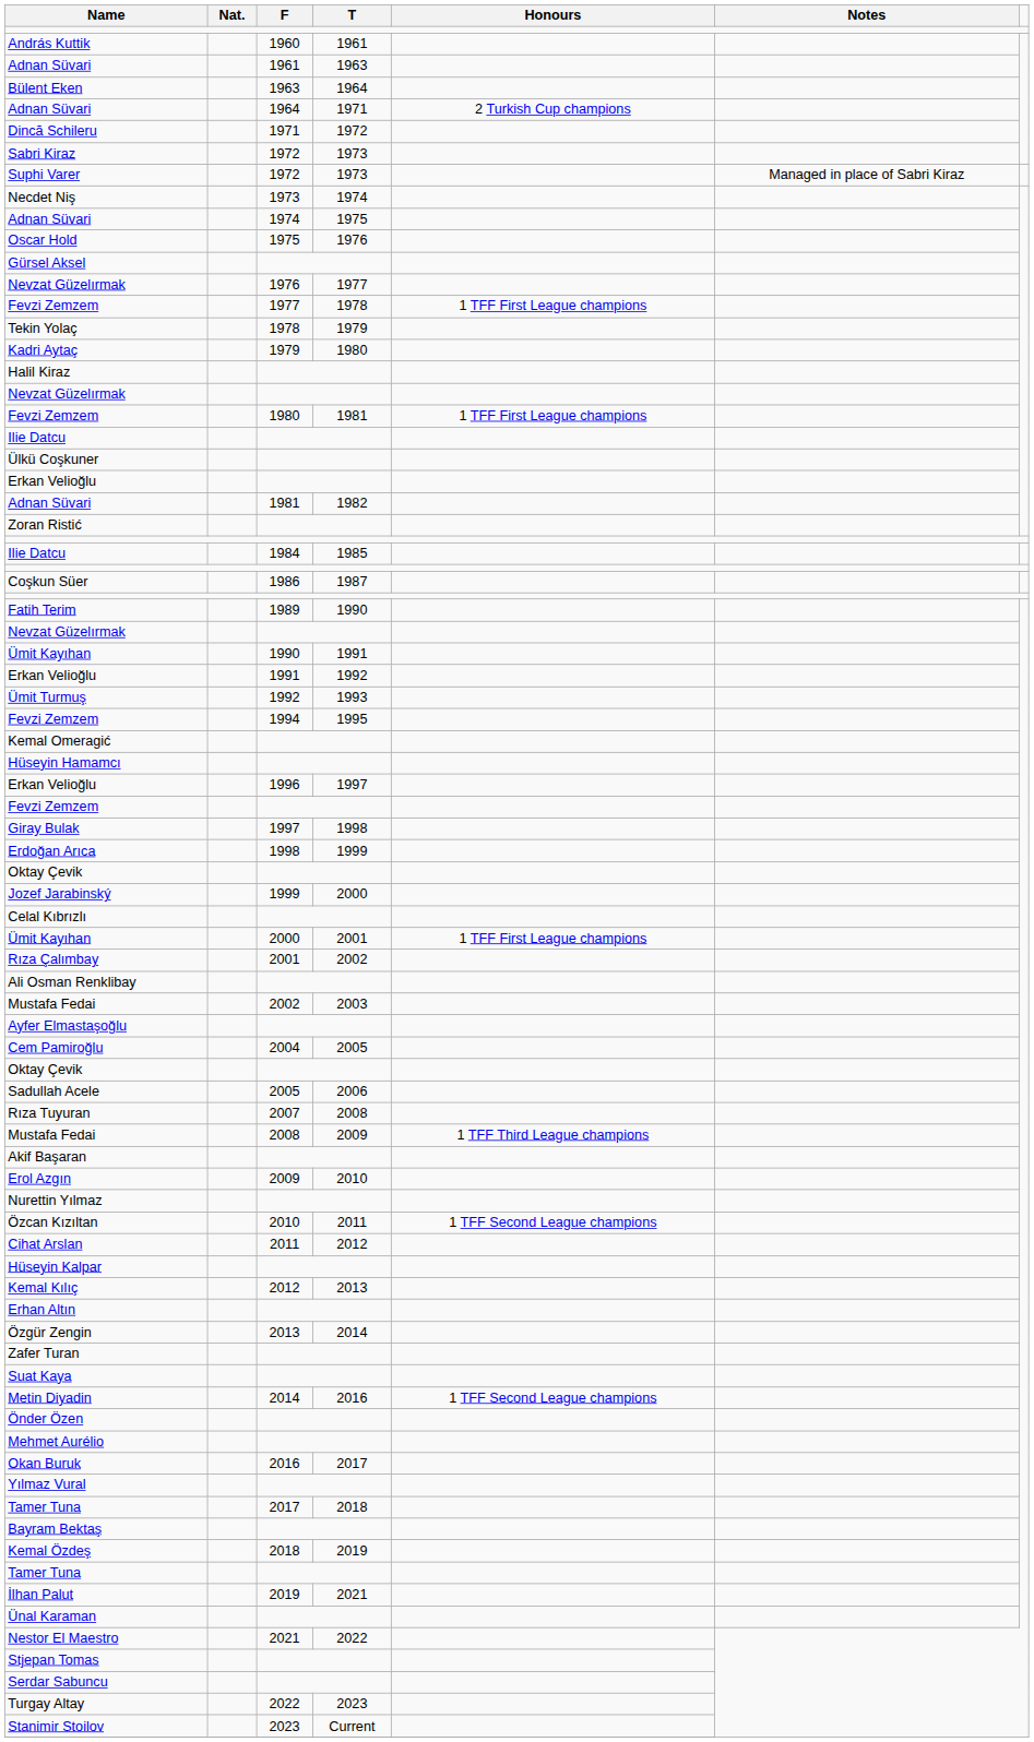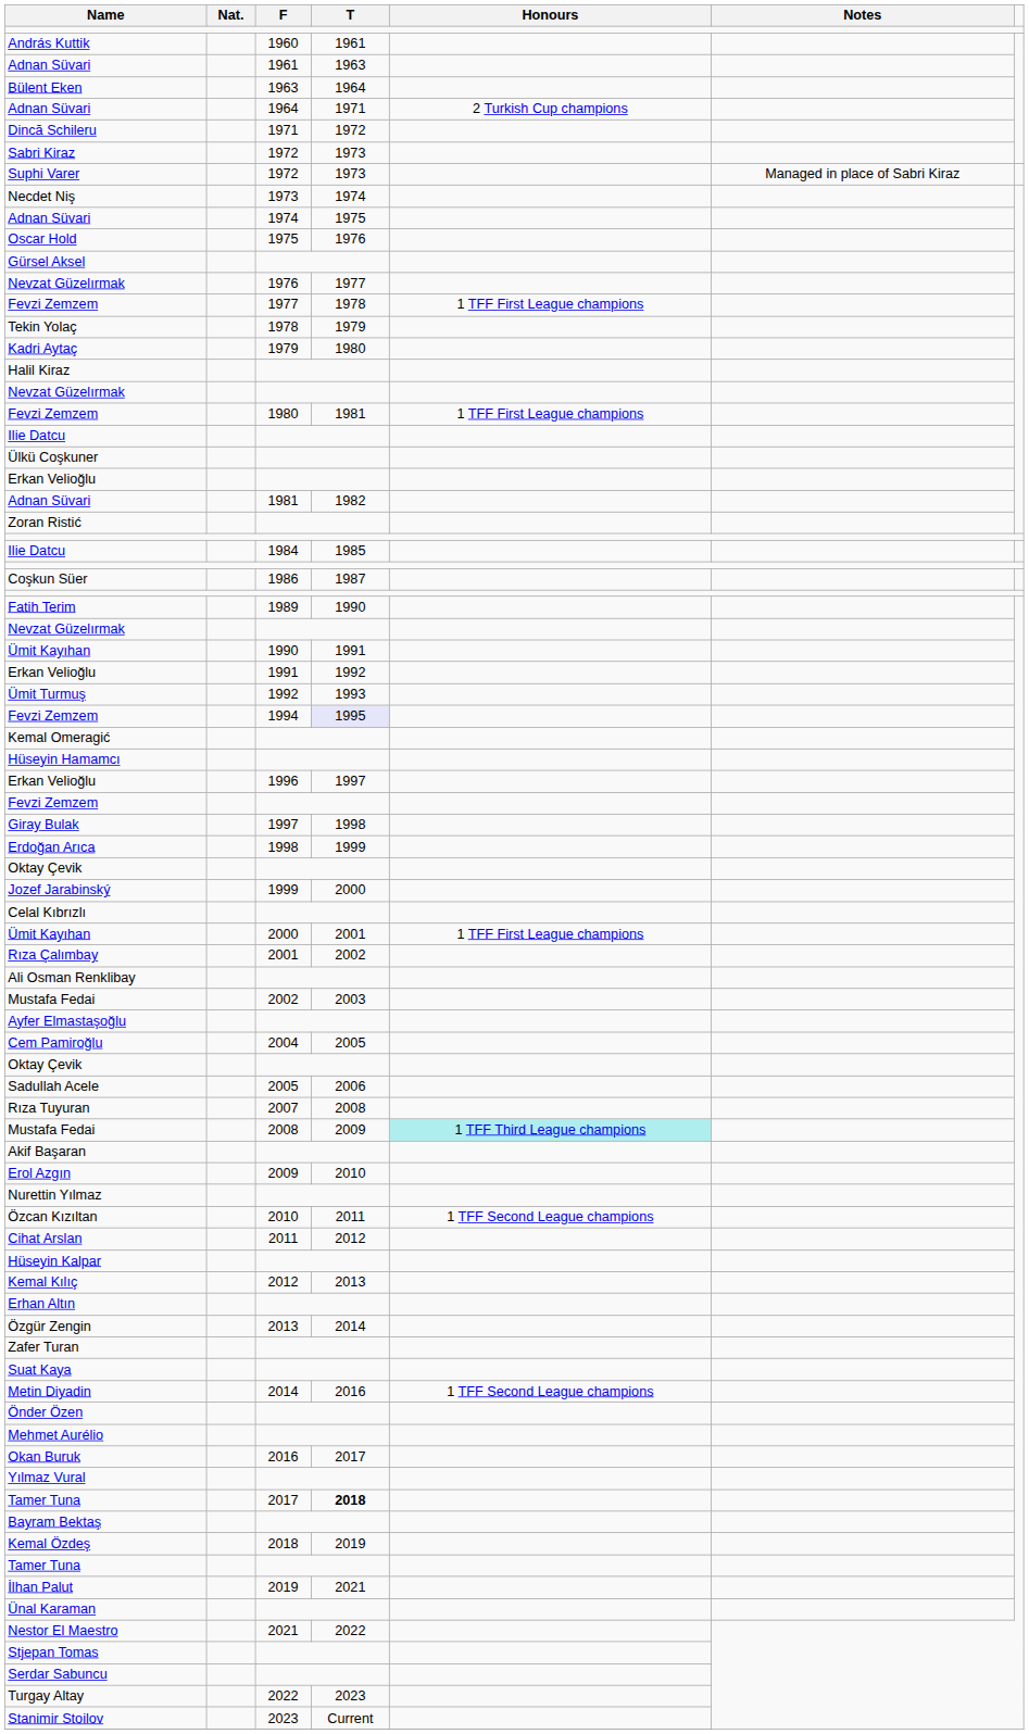 <table class="wikitable" style="text-align:center; font-size:100%; width:75%">
 <tr>
 <th>Name</th>
 <th>Nat.</th>
 <th>F</th>
 <th>T</th>
 <th>Honours</th>
 <th>Notes</th>
 </tr>
 <tr>
 <td colspan="11" width="1"><span></span></td>
 </tr>
 <tr>
 <td align=left><a href='#'>András Kuttik</a></td>
 <td align=center></td>
 <td align=center>1960</td>
 <td align=center>1961</td>
 <td align=center></td>
 <td></td>
 </tr>
 <tr>
 <td align=left><a href='#'>Adnan Süvari</a></td>
 <td align=center></td>
 <td align=center>1961</td>
 <td align=center>1963</td>
 <td align=center></td>
 <td></td>
 </tr>
 <tr>
 <td align=left><a href='#'>Bülent Eken</a></td>
 <td align=center></td>
 <td align=center>1963</td>
 <td align=center>1964</td>
 <td align=center></td>
 <td></td>
 </tr>
 <tr>
 <td align=left><a href='#'>Adnan Süvari</a></td>
 <td align=center></td>
 <td align=center>1964</td>
 <td align=center>1971</td>
 <td align=center>2 <a href='#'>Turkish Cup champions</a></td>
 <td></td>
 </tr>
 <tr>
 <td align=left><a href='#'>Dincă Schileru</a></td>
 <td align=center></td>
 <td align=center>1971</td>
 <td align=center>1972</td>
 <td align=center></td>
 <td></td>
 </tr>
 <tr>
 <td align=left><a href='#'>Sabri Kiraz</a></td>
 <td align=center></td>
 <td align=center>1972</td>
 <td align=center>1973</td>
 <td align=center></td>
 <td></td>
 </tr>
 <tr>
 <td align=left><a href='#'>Suphi Varer</a></td>
 <td align=center></td>
 <td align=center>1972</td>
 <td align=center>1973</td>
 <td align=center></td>
 <td align=center>Managed in place of Sabri Kiraz</td>
 <td></td>
 </tr>
 <tr>
 <td align=left>Necdet Niş</td>
 <td align=center></td>
 <td align=center>1973</td>
 <td align=center>1974</td>
 <td align=center></td>
 <td></td>
 </tr>
 <tr>
 <td align=left><a href='#'>Adnan Süvari</a></td>
 <td align=center></td>
 <td align=center>1974</td>
 <td align=center>1975</td>
 <td align=center></td>
 <td></td>
 </tr>
 <tr>
 <td align=left><a href='#'>Oscar Hold</a></td>
 <td align=center></td>
 <td align=center>1975</td>
 <td align=center>1976</td>
 <td align=center></td>
 <td></td>
 </tr>
 <tr>
 <td align=left><a href='#'>Gürsel Aksel</a></td>
 <td align=center></td>
 <td colspan="2" width="1"></td>
 <td align=center></td>
 <td></td>
 </tr>
 <tr>
 <td align=left><a href='#'>Nevzat Güzelırmak</a></td>
 <td align=center></td>
 <td align=center>1976</td>
 <td align=center>1977</td>
 <td align=center></td>
 <td></td>
 </tr>
 <tr>
 <td align=left><a href='#'>Fevzi Zemzem</a></td>
 <td align=center></td>
 <td align=center>1977</td>
 <td align=center>1978</td>
 <td align=center>1 <a href='#'>TFF First League champions</a></td>
 <td></td>
 </tr>
 <tr>
 <td align=left>Tekin Yolaç</td>
 <td align=center></td>
 <td align=center>1978</td>
 <td align=center>1979</td>
 <td align=center></td>
 <td></td>
 </tr>
 <tr>
 <td align=left><a href='#'>Kadri Aytaç</a></td>
 <td align=center></td>
 <td align=center>1979</td>
 <td align=center>1980</td>
 <td align=center></td>
 <td></td>
 </tr>
 <tr>
 <td align=left>Halil Kiraz</td>
 <td align=center></td>
 <td colspan="2" width="1"></td>
 <td align=center></td>
 <td></td>
 </tr>
 <tr>
 <td align=left><a href='#'>Nevzat Güzelırmak</a></td>
 <td align=center></td>
 <td colspan="2" width="1"></td>
 <td align=center></td>
 <td></td>
 </tr>
 <tr>
 <td align=left><a href='#'>Fevzi Zemzem</a></td>
 <td align=center></td>
 <td align=center>1980</td>
 <td align=center>1981</td>
 <td align=center>1 <a href='#'>TFF First League champions</a></td>
 <td></td>
 </tr>
 <tr>
 <td align=left><a href='#'>Ilie Datcu</a></td>
 <td align=center></td>
 <td colspan="2" width="1"></td>
 <td align=center></td>
 <td></td>
 </tr>
 <tr>
 <td align=left>Ülkü Coşkuner</td>
 <td align=center></td>
 <td colspan="2" width="1"></td>
 <td align=center></td>
 <td></td>
 </tr>
 <tr>
 <td align=left>Erkan Velioğlu</td>
 <td align=center></td>
 <td colspan="2" width="1"></td>
 <td align=center></td>
 <td></td>
 </tr>
 <tr>
 <td align=left><a href='#'>Adnan Süvari</a></td>
 <td align=center></td>
 <td align=center>1981</td>
 <td align=center>1982</td>
 <td align=center></td>
 <td></td>
 </tr>
 <tr>
 <td align=left>Zoran Ristić</td>
 <td align=center></td>
 <td colspan="2" width="1"></td>
 <td align=center></td>
 <td></td>
 </tr>
 <tr>
 <td colspan="11" width="1"><span></span></td>
 </tr>
 <tr>
 <td align=left><a href='#'>Ilie Datcu</a></td>
 <td align=center></td>
 <td align=center>1984</td>
 <td align=center>1985</td>
 <td align=center></td>
 <td></td>
 </tr>
 <tr>
 <td colspan="11" width="1"><span></span></td>
 </tr>
 <tr>
 <td align=left>Coşkun Süer</td>
 <td align=center></td>
 <td align=center>1986</td>
 <td align=center>1987</td>
 <td align=center></td>
 <td></td>
 </tr>
 <tr>
 <td colspan="11" width="1"><span></span></td>
 </tr>
 <tr>
 <td align=left><a href='#'>Fatih Terim</a></td>
 <td align=center></td>
 <td align=center>1989</td>
 <td align=center>1990</td>
 <td align=center></td>
 <td></td>
 </tr>
 <tr>
 <td align=left><a href='#'>Nevzat Güzelırmak</a></td>
 <td align=center></td>
 <td colspan="2" width="1"></td>
 <td align=center></td>
 <td></td>
 </tr>
 <tr>
 <td align=left><a href='#'>Ümit Kayıhan</a></td>
 <td align=center></td>
 <td align=center>1990</td>
 <td align=center>1991</td>
 <td align=center></td>
 <td></td>
 </tr>
 <tr>
 <td align=left>Erkan Velioğlu</td>
 <td align=center></td>
 <td align=center>1991</td>
 <td align=center>1992</td>
 <td align=center></td>
 <td></td>
 </tr>
 <tr>
 <td align=left><a href='#'>Ümit Turmuş</a></td>
 <td align=center></td>
 <td align=center>1992</td>
 <td align=center>1993</td>
 <td align=center></td>
 <td></td>
 </tr>
 <tr>
 <td align=left><a href='#'>Fevzi Zemzem</a></td>
 <td align=center></td>
 <td align=center>1994</td>
-<td align=center>1995</td>
+<td align=center style="background: lavender;">1995</td>
 <td align=center></td>
 <td></td>
 </tr>
 <tr>
 <td align=left>Kemal Omeragić</td>
 <td align=center></td>
 <td colspan="2" width="1"></td>
 <td align=center></td>
 <td></td>
 </tr>
 <tr>
 <td align=left><a href='#'>Hüseyin Hamamcı</a></td>
 <td align=center></td>
 <td colspan="2" width="1"></td>
 <td align=center></td>
 <td></td>
 </tr>
 <tr>
 <td align=left>Erkan Velioğlu</td>
 <td align=center></td>
 <td align=center>1996</td>
 <td align=center>1997</td>
 <td align=center></td>
 <td></td>
 </tr>
 <tr>
 <td align=left><a href='#'>Fevzi Zemzem</a></td>
 <td align=center></td>
 <td colspan="2" width="1"></td>
 <td align=center></td>
 <td></td>
 </tr>
 <tr>
 <td align=left><a href='#'>Giray Bulak</a></td>
 <td align=center></td>
 <td align=center>1997</td>
 <td align=center>1998</td>
 <td align=center></td>
 <td></td>
 </tr>
 <tr>
 <td align=left><a href='#'>Erdoğan Arıca</a></td>
 <td align=center></td>
 <td align=center>1998</td>
 <td align=center>1999</td>
 <td align=center></td>
 <td></td>
 </tr>
 <tr>
 <td align=left>Oktay Çevik</td>
 <td align=center></td>
 <td colspan="2" width="1"></td>
 <td align=center></td>
 <td></td>
 </tr>
 <tr>
 <td align=left><a href='#'>Jozef Jarabinský</a></td>
 <td align=center></td>
 <td align=center>1999</td>
 <td align=center>2000</td>
 <td align=center></td>
 <td></td>
 </tr>
 <tr>
 <td align=left>Celal Kıbrızlı</td>
 <td align=center></td>
 <td colspan="2" width="1"></td>
 <td align=center></td>
 <td></td>
 </tr>
 <tr>
 <td align=left><a href='#'>Ümit Kayıhan</a></td>
 <td align=center></td>
 <td align=center>2000</td>
 <td align=center>2001</td>
 <td align=center>1 <a href='#'>TFF First League champions</a></td>
 <td></td>
 </tr>
 <tr>
 <td align=left><a href='#'>Rıza Çalımbay</a></td>
 <td align=center></td>
 <td align=center>2001</td>
 <td align=center>2002</td>
 <td align=center></td>
 <td></td>
 </tr>
 <tr>
 <td align=left>Ali Osman Renklibay</td>
 <td align=center></td>
 <td colspan="2" width="1"></td>
 <td align=center></td>
 <td></td>
 </tr>
 <tr>
 <td align=left>Mustafa Fedai</td>
 <td align=center></td>
 <td align=center>2002</td>
 <td align=center>2003</td>
 <td align=center></td>
 <td></td>
 </tr>
 <tr>
 <td align=left><a href='#'>Ayfer Elmastaşoğlu</a></td>
 <td align=center></td>
 <td colspan="2" width="1"></td>
 <td align=center></td>
 <td></td>
 </tr>
 <tr>
 <td align=left><a href='#'>Cem Pamiroğlu</a></td>
 <td align=center></td>
 <td align=center>2004</td>
 <td align=center>2005</td>
 <td align=center></td>
 <td></td>
 </tr>
 <tr>
 <td align=left>Oktay Çevik</td>
 <td align=center></td>
 <td colspan="2" width="1"></td>
 <td align=center></td>
 <td></td>
 </tr>
 <tr>
 <td align=left>Sadullah Acele</td>
 <td align=center></td>
 <td align=center>2005</td>
 <td align=center>2006</td>
 <td align=center></td>
 <td></td>
 </tr>
 <tr>
 <td align=left>Rıza Tuyuran</td>
 <td align=center></td>
 <td align=center>2007</td>
 <td align=center>2008</td>
 <td align=center></td>
 <td></td>
 </tr>
 <tr>
 <td align=left>Mustafa Fedai</td>
 <td align=center></td>
 <td align=center>2008</td>
 <td align=center>2009</td>
-<td align=center>1 <a href='#'>TFF Third League champions</a></td>
+<td align=center style="background: paleturquoise;">1 <a href='#'>TFF Third League champions</a></td>
 <td></td>
 </tr>
 <tr>
 <td align=left>Akif Başaran</td>
 <td align=center></td>
 <td colspan="2" width="1"></td>
 <td align=center></td>
 <td></td>
 </tr>
 <tr>
 <td align=left><a href='#'>Erol Azgın</a></td>
 <td align=center></td>
 <td align=center>2009</td>
 <td align=center>2010</td>
 <td align=center></td>
 <td></td>
 </tr>
 <tr>
 <td align=left>Nurettin Yılmaz</td>
 <td align=center></td>
 <td colspan="2" width="1"></td>
 <td align=center></td>
 <td></td>
 </tr>
 <tr>
 <td align=left>Özcan Kızıltan</td>
 <td align=center></td>
 <td align=center>2010</td>
 <td align=center>2011</td>
 <td align=center>1 <a href='#'>TFF Second League champions</a></td>
 <td></td>
 </tr>
 <tr>
 <td align=left><a href='#'>Cihat Arslan</a></td>
 <td align=center></td>
 <td align=center>2011</td>
 <td align=center>2012</td>
 <td align=center></td>
 <td></td>
 </tr>
 <tr>
 <td align=left><a href='#'>Hüseyin Kalpar</a></td>
 <td align=center></td>
 <td colspan="2" width="1"></td>
 <td align=center></td>
 <td></td>
 </tr>
 <tr>
 <td align=left><a href='#'>Kemal Kılıç</a></td>
 <td align=center></td>
 <td align=center>2012</td>
 <td align=center>2013</td>
 <td align=center></td>
 <td></td>
 </tr>
 <tr>
 <td align=left><a href='#'>Erhan Altın</a></td>
 <td align=center></td>
 <td colspan="2" width="1"></td>
 <td align=center></td>
 <td></td>
 </tr>
 <tr>
 <td align=left>Özgür Zengin</td>
 <td align=center></td>
 <td align=center>2013</td>
 <td align=center>2014</td>
 <td align=center></td>
 <td></td>
 </tr>
 <tr>
 <td align=left>Zafer Turan</td>
 <td align=center></td>
 <td colspan="2" width="1"></td>
 <td align=center></td>
 <td></td>
 </tr>
 <tr>
 <td align=left><a href='#'>Suat Kaya</a></td>
 <td align=center></td>
 <td colspan="2" width="1"></td>
 <td align=center></td>
 <td></td>
 </tr>
 <tr>
 <td align=left><a href='#'>Metin Diyadin</a></td>
 <td align=center></td>
 <td align=center>2014</td>
 <td align=center>2016</td>
 <td align=center>1 <a href='#'>TFF Second League champions</a></td>
 <td></td>
 </tr>
 <tr>
 <td align=left><a href='#'>Önder Özen</a></td>
 <td align=center></td>
 <td colspan="2" width="1"></td>
 <td align=center></td>
 <td></td>
 </tr>
 <tr>
 <td align=left><a href='#'>Mehmet Aurélio</a></td>
 <td align=center></td>
 <td colspan="2" width="1"></td>
 <td align=center></td>
 <td></td>
 </tr>
 <tr>
 <td align=left><a href='#'>Okan Buruk</a></td>
 <td align=center></td>
 <td align=center>2016</td>
 <td align=center>2017</td>
 <td align=center></td>
 <td></td>
 </tr>
 <tr>
 <td align=left><a href='#'>Yılmaz Vural</a></td>
 <td align=center></td>
 <td colspan="2" width="1"></td>
 <td align=center></td>
 <td></td>
 </tr>
 <tr>
 <td align=left><a href='#'>Tamer Tuna</a></td>
 <td align=center></td>
 <td align=center>2017</td>
-<td align=center>2018</td>
+<td align=center><strong>2018</strong></td>
 <td align=center></td>
 <td></td>
 </tr>
 <tr>
 <td align=left><a href='#'>Bayram Bektaş</a></td>
 <td align=center></td>
 <td colspan="2" width="1"></td>
 <td align=center></td>
 <td></td>
 </tr>
 <tr>
 <td align=left><a href='#'>Kemal Özdeş</a></td>
 <td align=center></td>
 <td align=center>2018</td>
 <td align=center>2019</td>
 <td align=center></td>
 <td></td>
 </tr>
 <tr>
 <td align=left><a href='#'>Tamer Tuna</a></td>
 <td align=center></td>
 <td colspan="2" width="1"></td>
 <td align=center></td>
 <td></td>
 </tr>
 <tr>
 <td align=left><a href='#'>İlhan Palut</a></td>
 <td align=center></td>
 <td align=center>2019</td>
 <td align=center>2021</td>
 <td align=center></td>
 <td></td>
 </tr>
 <tr>
 <td align=left><a href='#'>Ünal Karaman</a></td>
 <td align=center></td>
 <td colspan="2" width="1"></td>
 <td align=center></td>
 <td></td>
 </tr>
 <tr>
 <td align=left><a href='#'>Nestor El Maestro</a></td>
 <td align=center></td>
 <td align=center>2021</td>
 <td align=center>2022</td>
 <td align=center></td>
 </tr>
 <tr>
 <td align=left><a href='#'>Stjepan Tomas</a></td>
 <td align=center></td>
 <td colspan="2" width="1"></td>
 <td align=center></td>
 </tr>
 <tr>
 <td align=left><a href='#'>Serdar Sabuncu</a></td>
 <td align=center></td>
 <td colspan="2" width="1"></td>
 <td align=center></td>
 </tr>
 <tr>
 <td align=left>Turgay Altay</td>
 <td align=center></td>
 <td align=center>2022</td>
 <td align=center>2023</td>
 <td align=center></td>
 </tr>
 <tr>
 <td align=left><a href='#'>Stanimir Stoilov</a></td>
 <td align=center></td>
 <td align=center>2023</td>
 <td align=center>Current</td>
 <td align=center></td>
 </tr>
 <tr>
 </tr>
 </table>
